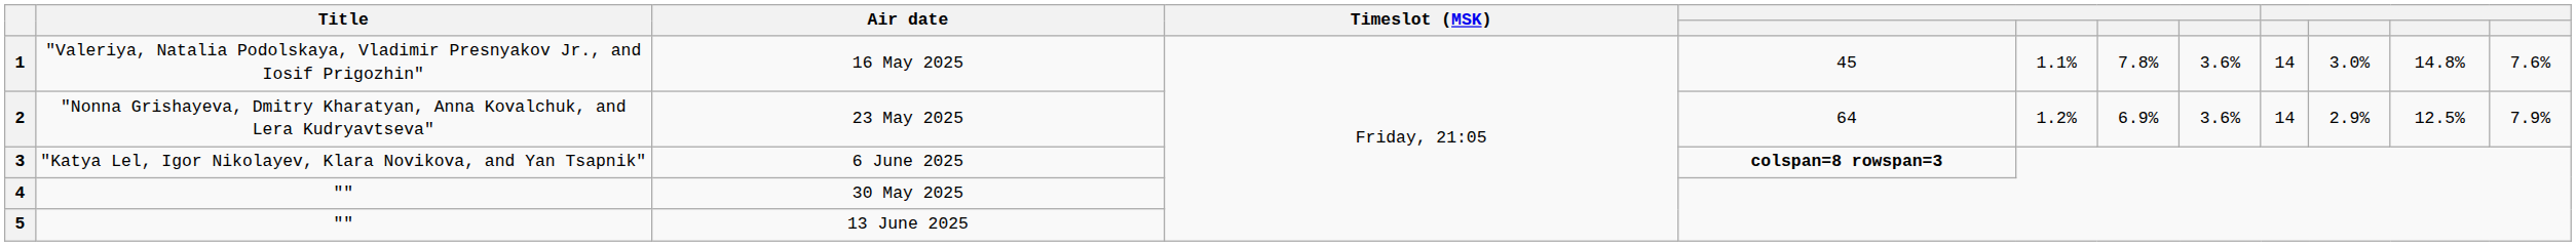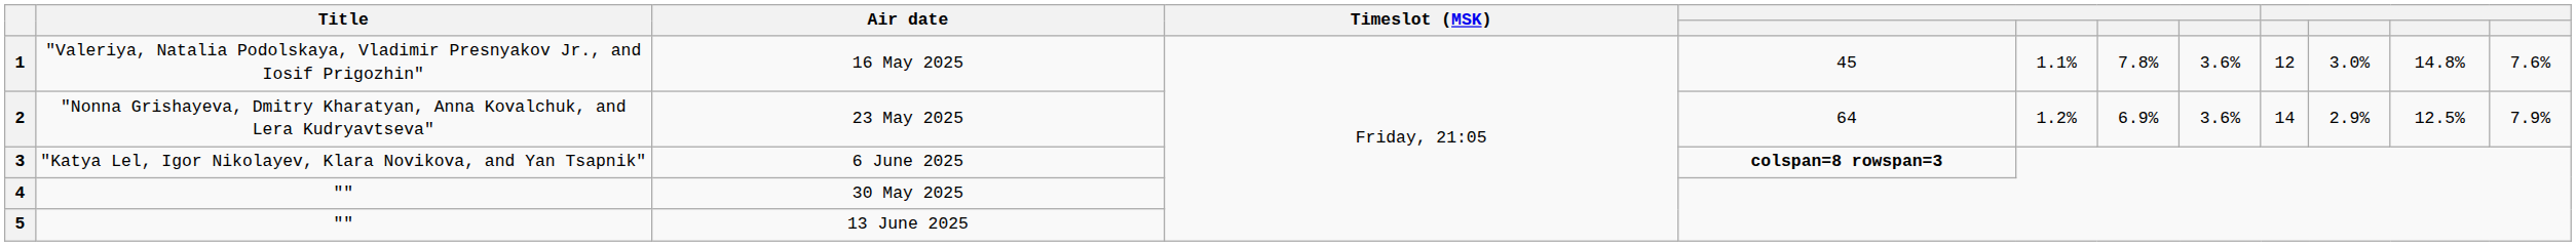 <table class="sortable wikitable plainrowheaders mw-collapsible" style=" text-align:center; line-height:1.4em; width:100%;">
 <tr>
 <th rowspan=2 class="unsortable"></th>
 <th rowspan=2 class="unsortable" width=24%>Title</th>
 <th rowspan=2 class="unsortable" width=20%>Air date</th>
 <th rowspan=2 class="unsortable" width=20%>Timeslot (<a href='#'>MSK</a>)</th>
 <th colspan=4></th>
 <th colspan=4></th>
 </tr>
 <tr>
 <th class="unsortable"></th>
 <th></th>
 <th></th>
 <th></th>
 <th class="unsortable"></th>
 <th></th>
 <th></th>
 <th></th>
 </tr>
 <tr>
 <th>1</th>
 <td>"Valeriya, Natalia Podolskaya, Vladimir Presnyakov Jr., and Iosif Prigozhin"</td>
 <td>16 May 2025</td>
 <td rowspan=5>Friday, 21:05</td>
 <td>45</td>
 <td>1.1%</td>
 <td>7.8%</td>
 <td>3.6%</td>
-<td>14</td>
+<td>12</td>
 <td>3.0%</td>
 <td>14.8%</td>
 <td>7.6%</td>
 </tr>
 <tr>
 <th>2</th>
 <td>"Nonna Grishayeva, Dmitry Kharatyan, Anna Kovalchuk, and Lera Kudryavtseva"</td>
 <td>23 May 2025</td>
 <td>64</td>
 <td>1.2%</td>
 <td>6.9%</td>
 <td>3.6%</td>
 <td>14</td>
 <td>2.9%</td>
 <td>12.5%</td>
 <td>7.9%</td>
 </tr>
 <tr>
 <th>3</th>
 <td>"Katya Lel, Igor Nikolayev, Klara Novikova, and Yan Tsapnik"</td>
 <td>6 June 2025</td>
 <td><strong>colspan=8 rowspan=3 </strong></td>
 </tr>
 <tr>
 <th>4</th>
 <td>""</td>
 <td>30 May 2025</td>
 </tr>
 <tr>
 <th>5</th>
 <td>""</td>
 <td>13 June 2025</td>
 </tr>
 </table>
